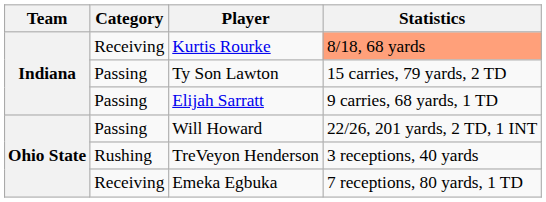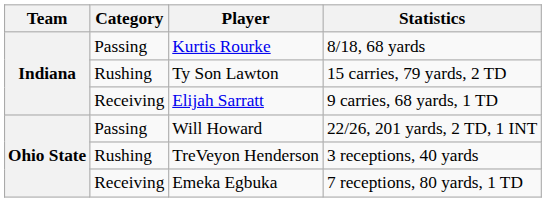 <table class="wikitable" style="float:right">
 <tr>
 <th>Team</th>
 <th>Category</th>
 <th>Player</th>
 <th>Statistics</th>
 </tr>
 <tr>
 <th rowspan=3>Indiana</th>
-<td>Receiving</td>
+<td>Passing</td>
 <td><a href='#'>Kurtis Rourke</a></td>
-<td style="background: lightsalmon;">8/18, 68 yards</td>
+<td>8/18, 68 yards</td>
 </tr>
 <tr>
-<td>Passing</td>
+<td>Rushing</td>
 <td>Ty Son Lawton</td>
 <td>15 carries, 79 yards, 2 TD</td>
 </tr>
 <tr>
-<td>Passing</td>
+<td>Receiving</td>
 <td><a href='#'>Elijah Sarratt</a></td>
 <td>9 carries, 68 yards, 1 TD</td>
 </tr>
 <tr>
 <th rowspan=3>Ohio State</th>
 <td>Passing</td>
 <td>Will Howard</td>
 <td>22/26, 201 yards, 2 TD, 1 INT</td>
 </tr>
 <tr>
 <td>Rushing</td>
 <td>TreVeyon Henderson</td>
 <td>3 receptions, 40 yards</td>
 </tr>
 <tr>
 <td>Receiving</td>
 <td>Emeka Egbuka</td>
 <td>7 receptions, 80 yards, 1 TD</td>
 </tr>
 </table>
